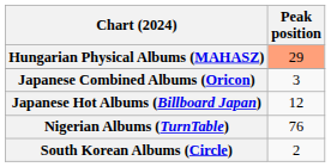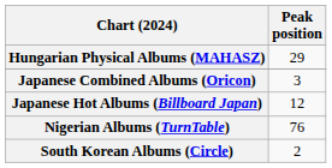 <table class="wikitable sortable plainrowheaders" style="text-align:center">
 <tr>
 <th scope="col">Chart (2024)</th>
 <th scope="col">Peak<br>position</th>
 </tr>
 <tr>
 <th scope="row">Hungarian Physical Albums (<a href='#'>MAHASZ</a>)</th>
-<td style="background: lightsalmon;">29</td>
+<td>29</td>
 </tr>
 <tr>
 </tr>
 <tr>
 <th scope="row">Japanese Combined Albums (<a href='#'>Oricon</a>)</th>
 <td>3</td>
 </tr>
 <tr>
 <th scope="row">Japanese Hot Albums (<em><a href='#'>Billboard Japan</a></em>)</th>
 <td>12</td>
 </tr>
 <tr>
 <th scope="row">Nigerian Albums (<a href='#'><em>TurnTable</em></a>)</th>
 <td>76</td>
 </tr>
 <tr>
 <th scope="row">South Korean Albums (<a href='#'>Circle</a>)</th>
 <td>2</td>
 </tr>
 </table>
